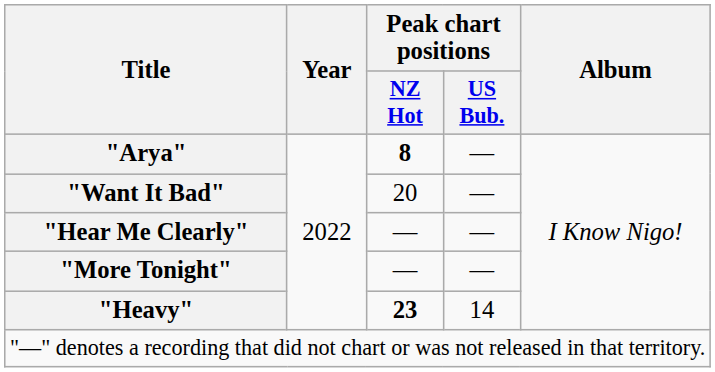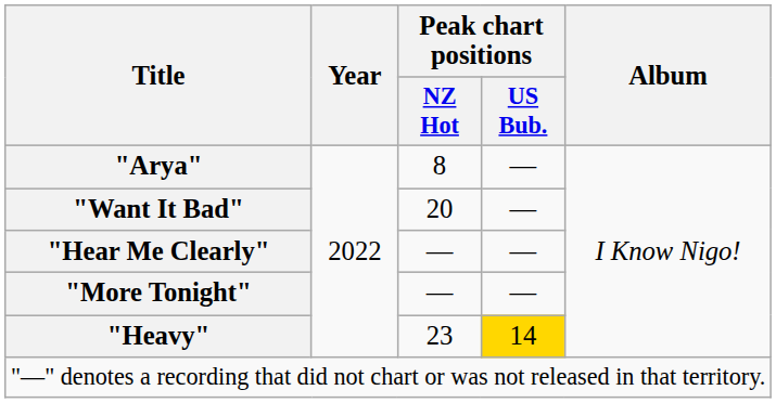 <table class="wikitable plainrowheaders" style="text-align:center">
 <tr>
 <th rowspan="2">Title</th>
 <th rowspan="2">Year</th>
 <th colspan="2">Peak chart positions</th>
 <th rowspan="2">Album</th>
 </tr>
 <tr>
 <th scope="col" style="width:3em;font-size:90%;"><a href='#'>NZ<br>Hot</a><br></th>
 <th scope="col" style="width:3em;font-size:90%;"><a href='#'>US<br>Bub.</a><br></th>
 </tr>
 <tr>
 <th scope="row">"Arya"<br></th>
 <td rowspan="5">2022</td>
-<td><strong>8</strong></td>
+<td>8</td>
 <td>—</td>
 <td rowspan="5"><em>I Know Nigo!</em></td>
 </tr>
 <tr>
 <th scope="row">"Want It Bad"<br></th>
 <td>20</td>
 <td>—</td>
 </tr>
 <tr>
 <th scope="row">"Hear Me Clearly"<br></th>
 <td>—</td>
 <td>—</td>
 </tr>
 <tr>
 <th scope="row">"More Tonight"<br></th>
 <td>—</td>
 <td>—</td>
 </tr>
 <tr>
 <th scope="row">"Heavy"<br></th>
-<td><strong>23</strong></td>
-<td>14</td>
+<td>23</td>
+<td style="background: gold;">14</td>
 </tr>
 <tr>
 <td colspan="5" style="font-size:90%">"—" denotes a recording that did not chart or was not released in that territory.</td>
 </tr>
 </table>
